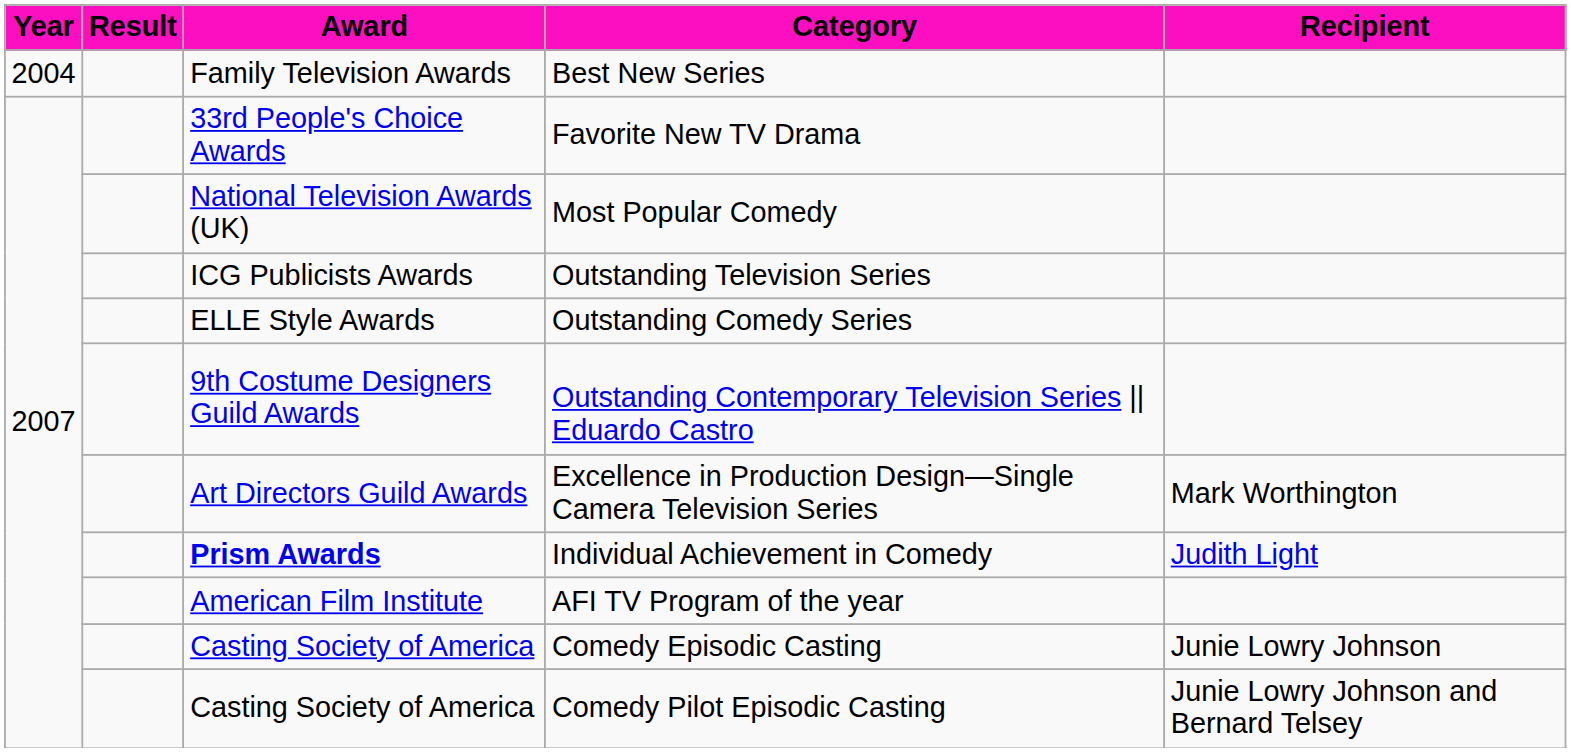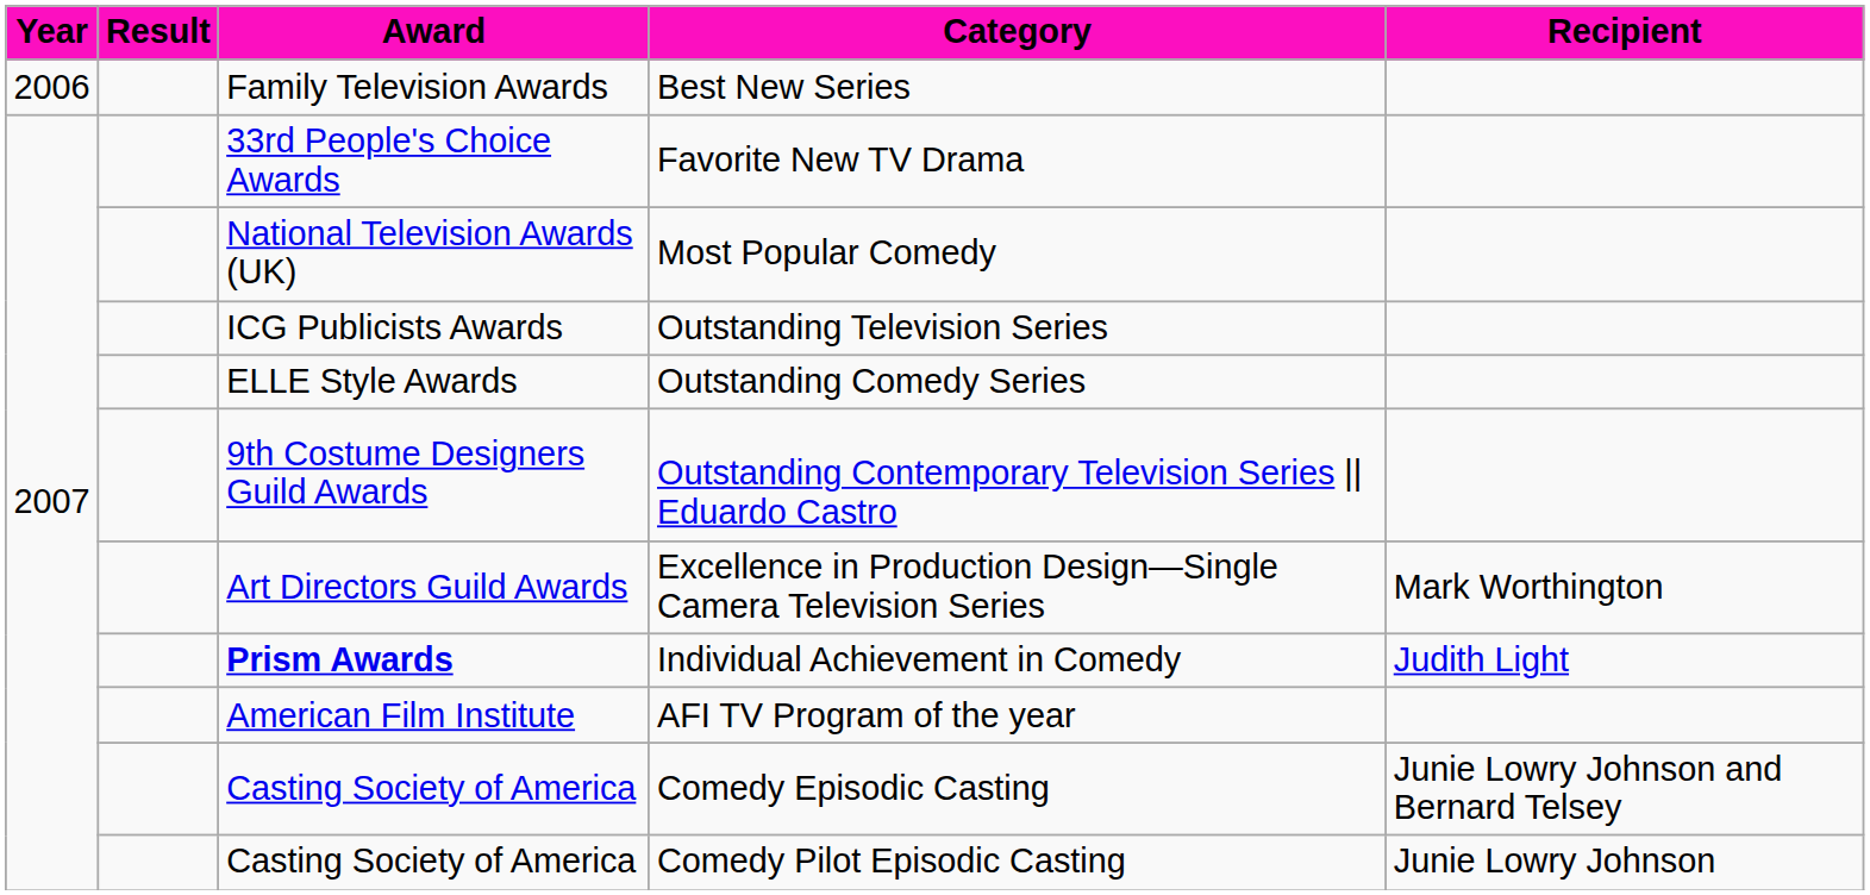 <table class="wikitable">
 <tr>
 <th style="background-color: #FC0FC0">Year</th>
 <th style="background-color: #FC0FC0">Result</th>
 <th style="background-color: #FC0FC0">Award</th>
 <th style="background-color: #FC0FC0">Category</th>
 <th style="background-color: #FC0FC0">Recipient</th>
 </tr>
 <tr style="background-color: #FC0FC0 |">
-<td>2004</td>
+<td>2006</td>
 <td></td>
 <td>Family Television Awards</td>
 <td>Best New Series</td>
 <td></td>
 </tr>
 <tr>
 <td rowspan="10">2007</td>
 <td></td>
 <td><a href='#'>33rd People's Choice Awards</a></td>
 <td>Favorite New TV Drama</td>
 <td></td>
 </tr>
 <tr>
 <td></td>
 <td><a href='#'>National Television Awards</a> (UK)</td>
 <td>Most Popular Comedy</td>
 <td></td>
 </tr>
 <tr>
 <td></td>
 <td>ICG Publicists Awards</td>
 <td>Outstanding Television Series</td>
 <td></td>
 </tr>
 <tr>
 <td></td>
 <td>ELLE Style Awards</td>
 <td>Outstanding Comedy Series</td>
 <td></td>
 </tr>
 <tr>
 <td></td>
 <td><a href='#'>9th Costume Designers Guild Awards</a></td>
 <td><br><a href='#'>Outstanding Contemporary Television Series</a> || <a href='#'>Eduardo Castro</a></td>
 </tr>
 <tr>
 <td></td>
 <td><a href='#'>Art Directors Guild Awards</a></td>
 <td>Excellence in Production Design—Single Camera Television Series</td>
 <td>Mark Worthington</td>
 </tr>
 <tr>
 <td></td>
 <td><strong><a href='#'>Prism Awards</a></strong></td>
 <td>Individual Achievement in Comedy</td>
 <td><a href='#'>Judith Light</a></td>
 </tr>
 <tr>
 <td></td>
 <td><a href='#'>American Film Institute</a></td>
 <td>AFI TV Program of the year</td>
 <td></td>
 </tr>
 <tr>
 <td></td>
 <td><a href='#'>Casting Society of America</a></td>
 <td>Comedy Episodic Casting</td>
-<td>Junie Lowry Johnson</td>
+<td>Junie Lowry Johnson and Bernard Telsey</td>
 </tr>
 <tr>
 <td></td>
 <td>Casting Society of America</td>
 <td>Comedy Pilot Episodic Casting</td>
-<td>Junie Lowry Johnson and Bernard Telsey</td>
+<td>Junie Lowry Johnson</td>
 </tr>
 </table>
